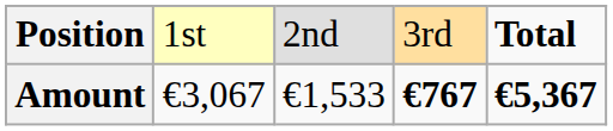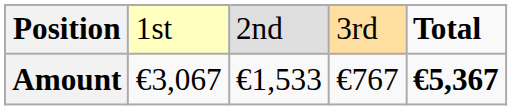 <table class="wikitable">
 <tr>
 <th>Position</th>
 <td bgcolor="#ffffbf">1st</td>
 <td bgcolor="#dfdfdf">2nd</td>
 <td bgcolor="#ffdf9f">3rd</td>
 <td><strong>Total</strong></td>
 </tr>
 <tr>
 <th>Amount</th>
 <td>€3,067</td>
 <td>€1,533</td>
-<td><strong>€767</strong></td>
+<td>€767</td>
 <td><strong>€5,367</strong></td>
 </tr>
 </table>
